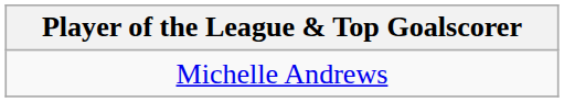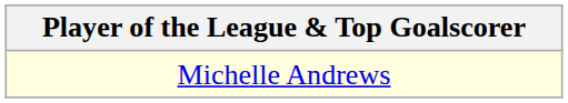 <table class=wikitable style="margin:auto; text-align:center">
 <tr>
 <th style="width: 300px;">Player of the League & Top Goalscorer</th>
 </tr>
 <tr>
-<td> <a href='#'>Michelle Andrews</a></td>
+<td style="background: lightyellow;"> <a href='#'>Michelle Andrews</a></td>
 </tr>
 </table>
